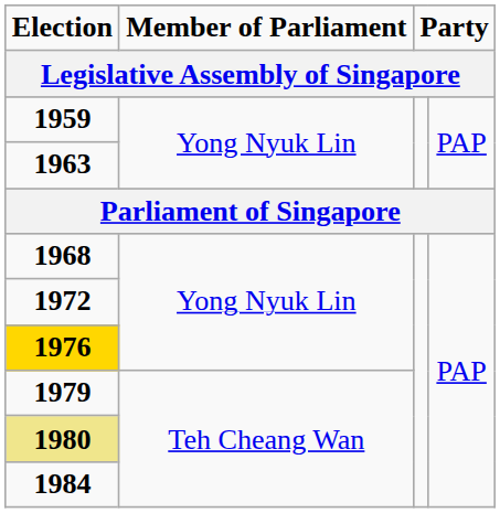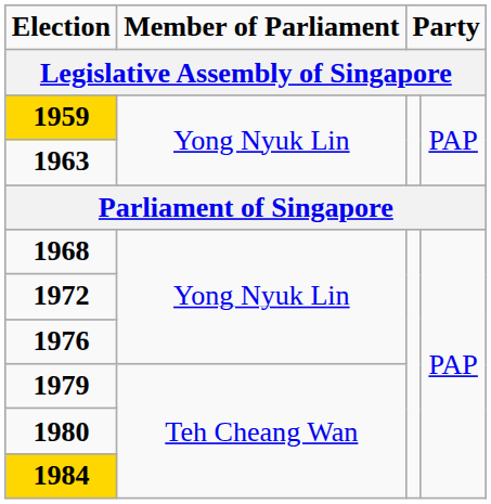 <table class="wikitable" align="center" style="text-align:center">
 <tr>
 <td><strong>Election </strong></td>
 <td><strong>Member of Parliament</strong></td>
 <td colspan="2"><strong>Party</strong></td>
 </tr>
 <tr>
 <th colspan="4"><a href='#'>Legislative Assembly of Singapore</a></th>
 </tr>
 <tr>
-<td><strong>1959</strong></td>
+<td style="background: gold;"><strong>1959</strong></td>
 <td rowspan="2"><a href='#'>Yong Nyuk Lin</a></td>
 <td rowspan="2"></td>
 <td rowspan="2"><a href='#'>PAP</a></td>
 </tr>
 <tr>
 <td><strong>1963</strong></td>
 </tr>
 <tr>
 <th colspan="4"><a href='#'>Parliament of Singapore</a></th>
 </tr>
 <tr>
 <td><strong>1968</strong></td>
 <td rowspan="3"><a href='#'>Yong Nyuk Lin</a></td>
 <td rowspan="6"></td>
 <td rowspan="6"><a href='#'>PAP</a></td>
 </tr>
 <tr>
 <td><strong>1972</strong></td>
 </tr>
 <tr>
-<td style="background: gold;"><strong>1976</strong></td>
+<td><strong>1976</strong></td>
 </tr>
 <tr>
 <td><strong>1979</strong></td>
 <td rowspan="3"><a href='#'>Teh Cheang Wan</a></td>
 </tr>
 <tr>
-<td style="background: khaki;"><strong>1980</strong></td>
+<td><strong>1980</strong></td>
 </tr>
 <tr>
-<td><strong>1984</strong></td>
+<td style="background: gold;"><strong>1984</strong></td>
 </tr>
 </table>
